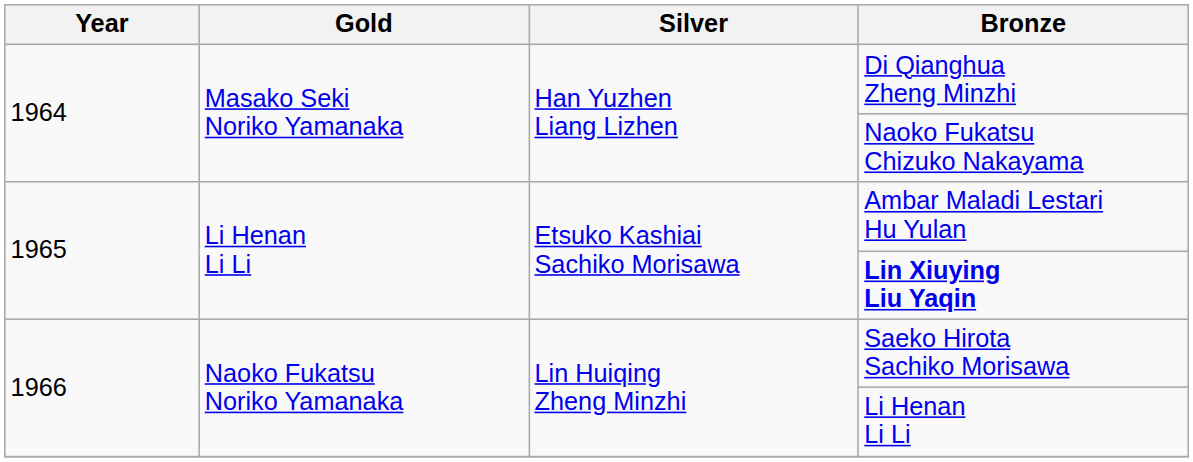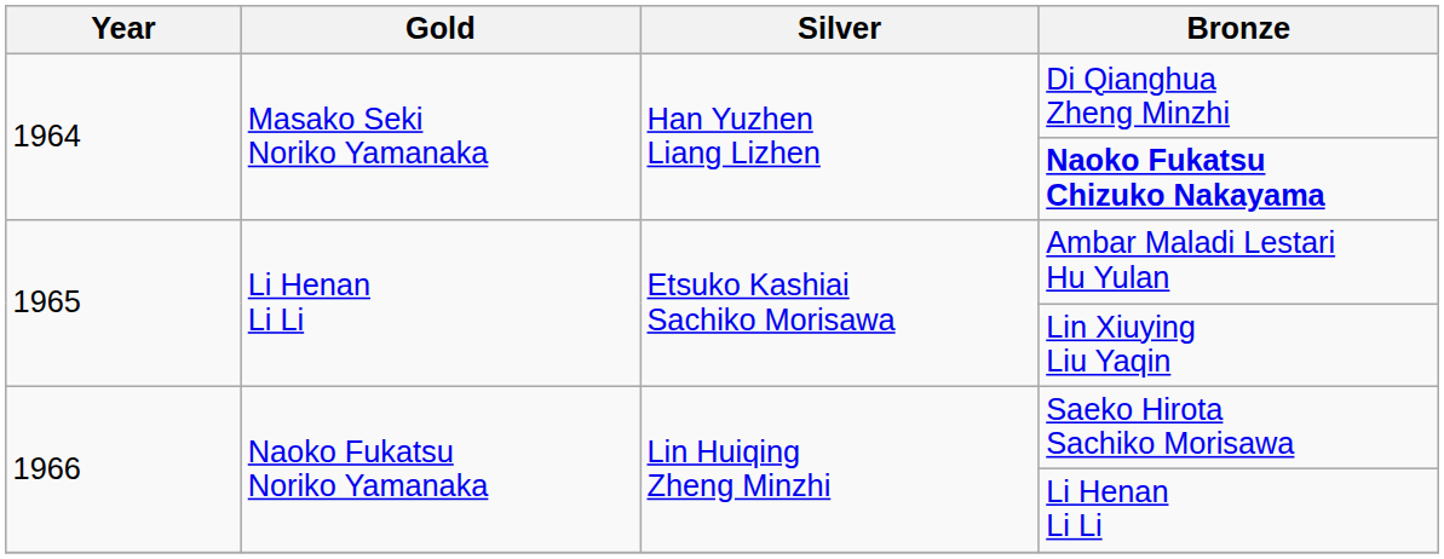 <table class="wikitable" style="text-align: left; width: 750px;">
 <tr>
 <th width="100">Year</th>
 <th width="175">Gold</th>
 <th width="175">Silver</th>
 <th width="175">Bronze</th>
 </tr>
 <tr>
 <td rowspan=2>1964</td>
 <td rowspan=2> <a href='#'>Masako Seki</a><br> <a href='#'>Noriko Yamanaka</a></td>
 <td rowspan=2> <a href='#'>Han Yuzhen</a><br> <a href='#'>Liang Lizhen</a></td>
 <td> <a href='#'>Di Qianghua</a><br> <a href='#'>Zheng Minzhi</a></td>
 </tr>
 <tr>
-<td> <a href='#'>Naoko Fukatsu</a><br> <a href='#'>Chizuko Nakayama</a></td>
+<td><strong> <a href='#'>Naoko Fukatsu</a><br> <a href='#'>Chizuko Nakayama</a></strong></td>
 </tr>
 <tr>
 <td rowspan=2>1965</td>
 <td rowspan=2> <a href='#'>Li Henan</a><br> <a href='#'>Li Li</a></td>
 <td rowspan=2> <a href='#'>Etsuko Kashiai</a><br> <a href='#'>Sachiko Morisawa</a></td>
 <td> <a href='#'>Ambar Maladi Lestari</a><br> <a href='#'>Hu Yulan</a></td>
 </tr>
 <tr>
-<td><strong> <a href='#'>Lin Xiuying</a><br> <a href='#'>Liu Yaqin</a></strong></td>
+<td> <a href='#'>Lin Xiuying</a><br> <a href='#'>Liu Yaqin</a></td>
 </tr>
 <tr>
 <td rowspan=2>1966</td>
 <td rowspan=2> <a href='#'>Naoko Fukatsu</a><br> <a href='#'>Noriko Yamanaka</a></td>
 <td rowspan=2> <a href='#'>Lin Huiqing</a><br> <a href='#'>Zheng Minzhi</a></td>
 <td> <a href='#'>Saeko Hirota</a><br> <a href='#'>Sachiko Morisawa</a></td>
 </tr>
 <tr>
 <td> <a href='#'>Li Henan</a><br> <a href='#'>Li Li</a></td>
 </tr>
 <tr>
 </tr>
 </table>
